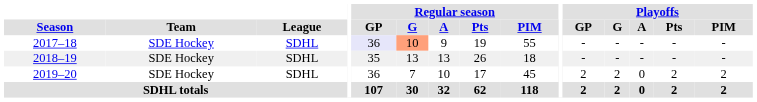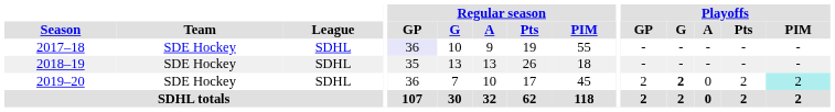 <table border="0" cellpadding="1" cellspacing="0" style="text-align:center; width:60em">
 <tr bgcolor="#e0e0e0">
 <th colspan="3" bgcolor="#ffffff"></th>
 <th rowspan="100" bgcolor="#ffffff"></th>
 <th colspan="5"><a href='#'>Regular season</a></th>
 <th rowspan="100" bgcolor="#ffffff"></th>
 <th colspan="5"><a href='#'>Playoffs</a></th>
 </tr>
 <tr bgcolor="#e0e0e0">
 <th><a href='#'>Season</a></th>
 <th>Team</th>
 <th>League</th>
 <th>GP</th>
 <th><a href='#'>G</a></th>
 <th><a href='#'>A</a></th>
 <th><a href='#'>Pts</a></th>
 <th><a href='#'>PIM</a></th>
 <th>GP</th>
 <th>G</th>
 <th>A</th>
 <th>Pts</th>
 <th>PIM</th>
 </tr>
 <tr>
 <td><a href='#'>2017–18</a></td>
 <td><a href='#'>SDE Hockey</a></td>
 <td><a href='#'>SDHL</a></td>
 <td style="background: lavender;">36</td>
-<td style="background: lightsalmon;">10</td>
+<td>10</td>
 <td>9</td>
 <td>19</td>
 <td>55</td>
 <td>-</td>
 <td>-</td>
 <td>-</td>
 <td>-</td>
 <td>-</td>
 </tr>
 <tr style="background:#f0f0f0;">
 <td><a href='#'>2018–19</a></td>
 <td>SDE Hockey</td>
 <td>SDHL</td>
 <td>35</td>
 <td>13</td>
 <td>13</td>
 <td>26</td>
 <td>18</td>
 <td>-</td>
 <td>-</td>
 <td>-</td>
 <td>-</td>
 <td>-</td>
 </tr>
 <tr>
 <td><a href='#'>2019–20</a></td>
 <td>SDE Hockey</td>
 <td>SDHL</td>
 <td>36</td>
 <td>7</td>
 <td>10</td>
 <td>17</td>
 <td>45</td>
 <td>2</td>
-<td>2</td>
+<td><strong>2</strong></td>
 <td>0</td>
 <td>2</td>
-<td>2</td>
+<td style="background: paleturquoise;">2</td>
 </tr>
 <tr style="text-align:center; background:#e0e0e0;">
 <th colspan="3">SDHL totals</th>
 <th>107</th>
 <th>30</th>
 <th>32</th>
 <th>62</th>
 <th>118</th>
 <th>2</th>
 <th>2</th>
 <th>0</th>
 <th>2</th>
 <th>2</th>
 </tr>
 </table>
